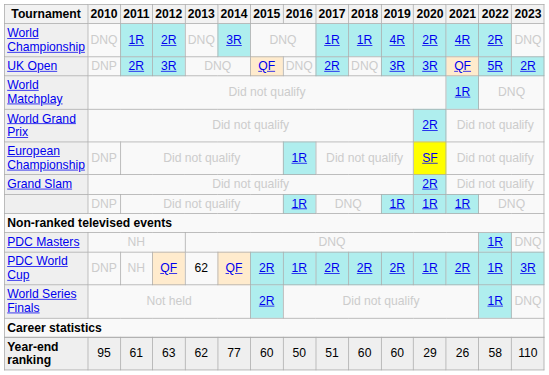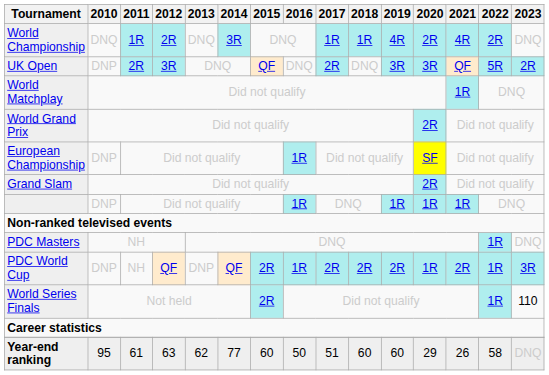 <table class="wikitable" style="width:50%; margin:0">
 <tr>
 <th>Tournament</th>
 <th>2010</th>
 <th>2011</th>
 <th>2012</th>
 <th>2013</th>
 <th>2014</th>
 <th>2015</th>
 <th>2016</th>
 <th>2017</th>
 <th>2018</th>
 <th>2019</th>
 <th>2020</th>
 <th>2021</th>
 <th>2022</th>
 <th>2023</th>
 </tr>
 <tr>
 <td style="background:#efefef;"><a href='#'>World Championship</a></td>
 <td style="text-align:center; color:#ccc;">DNQ</td>
 <td style="text-align:center; background:#afeeee;"><a href='#'>1R</a></td>
 <td style="text-align:center; background:#afeeee;"><a href='#'>2R</a></td>
 <td style="text-align:center; color:#ccc;">DNQ</td>
 <td style="text-align:center; background:#afeeee;"><a href='#'>3R</a></td>
 <td colspan="2" style="text-align:center; color:#ccc;">DNQ</td>
 <td style="text-align:center; background:#afeeee;"><a href='#'>1R</a></td>
 <td style="text-align:center; background:#afeeee;"><a href='#'>1R</a></td>
 <td style="text-align:center; background:#afeeee;"><a href='#'>4R</a></td>
 <td style="text-align:center; background:#afeeee;"><a href='#'>2R</a></td>
 <td style="text-align:center; background:#afeeee;"><a href='#'>4R</a></td>
 <td style="text-align:center; background:#afeeee;"><a href='#'>2R</a></td>
 <td style="text-align:center; color:#ccc;">DNQ</td>
 </tr>
 <tr>
 <td style="background:#efefef;"><a href='#'>UK Open</a></td>
 <td style="text-align:center; color:#ccc;">DNP</td>
 <td style="text-align:center; background:#afeeee;"><a href='#'>2R</a></td>
 <td style="text-align:center; background:#afeeee;"><a href='#'>3R</a></td>
 <td colspan="2" style="text-align:center; color:#ccc;">DNQ</td>
 <td style="text-align:center; background:#ffebcd;"><a href='#'>QF</a></td>
 <td style="text-align:center; color:#ccc;">DNQ</td>
 <td style="text-align:center; background:#afeeee;"><a href='#'>2R</a></td>
 <td style ="text-align:center; color:#ccc;">DNQ</td>
 <td style="text-align:center; background:#afeeee;"><a href='#'>3R</a></td>
 <td style="text-align:center; background:#afeeee;"><a href='#'>3R</a></td>
 <td style="text-align:center; background:#ffebcd;"><a href='#'>QF</a></td>
 <td style="text-align:center; background:#afeeee;"><a href='#'>5R</a></td>
 <td style="text-align:center; background:#afeeee;"><a href='#'>2R</a></td>
 </tr>
 <tr>
 <td style="background:#efefef;"><a href='#'>World Matchplay</a></td>
 <td colspan="11" style="text-align:center; color:#ccc;">Did not qualify</td>
 <td style="text-align:center; background:#afeeee;"><a href='#'>1R</a></td>
 <td colspan="2" style="text-align:center; color:#ccc;">DNQ</td>
 </tr>
 <tr>
 <td style="background:#efefef;"><a href='#'>World Grand Prix</a></td>
 <td colspan="10" style="text-align:center; color:#ccc;">Did not qualify</td>
 <td style="text-align:center; background:#afeeee;"><a href='#'>2R</a></td>
 <td colspan="3" style="text-align:center; color:#ccc;">Did not qualify</td>
 </tr>
 <tr>
 <td style="background:#efefef;"><a href='#'>European Championship</a></td>
 <td style="text-align:center; color:#ccc;">DNP</td>
 <td colspan="5" style="text-align:center; color:#ccc;">Did not qualify</td>
 <td style="text-align:center; background:#afeeee;"><a href='#'>1R</a></td>
 <td colspan="3" style="text-align:center; color:#ccc;">Did not qualify</td>
 <td style="text-align:center; background:yellow;"><a href='#'>SF</a></td>
 <td colspan="3" style="text-align:center; color:#ccc;">Did not qualify</td>
 </tr>
 <tr>
 <td style="background:#efefef;"><a href='#'>Grand Slam</a></td>
 <td colspan="10" style="text-align:center; color:#ccc;">Did not qualify</td>
 <td style="text-align:center; background:#afeeee;"><a href='#'>2R</a></td>
 <td colspan="3" style="text-align:center; color:#ccc;">Did not qualify</td>
 </tr>
 <tr>
 <td style="background:#efefef;"></td>
 <td style="text-align:center; color:#ccc;">DNP</td>
 <td colspan="5" style="text-align:center; color:#ccc;">Did not qualify</td>
 <td style="text-align:center; background:#afeeee;"><a href='#'>1R</a></td>
 <td colspan="2" style="text-align:center; color:#ccc;">DNQ</td>
 <td style="text-align:center; background:#afeeee;"><a href='#'>1R</a></td>
 <td style="text-align:center; background:#afeeee;"><a href='#'>1R</a></td>
 <td style="text-align:center; background:#afeeee;"><a href='#'>1R</a></td>
 <td colspan="2" style="text-align:center; color:#ccc;">DNQ</td>
 </tr>
 <tr>
 <td colspan="21" align="left"><strong>Non-ranked televised events</strong></td>
 </tr>
 <tr>
 <td style="background:#efefef;"><a href='#'>PDC Masters</a></td>
 <td colspan="3" style="text-align:center; color:#ccc;">NH</td>
 <td colspan="9" style="text-align:center; color:#ccc;">DNQ</td>
 <td style="text-align:center; background:#afeeee;"><a href='#'>1R</a></td>
 <td style="text-align:center; color:#ccc;">DNQ</td>
 </tr>
 <tr>
 <td style="background:#efefef;"><a href='#'>PDC World Cup</a></td>
 <td style="text-align:center; color:#ccc;">DNP</td>
 <td style="text-align:center; color:#ccc;">NH</td>
 <td style="text-align:center; background:#ffebcd;"><a href='#'>QF</a></td>
-<td style="text-align:center;">62</td>
+<td style="text-align:center; color:#ccc;">DNP</td>
 <td style="text-align:center; background:#ffebcd;"><a href='#'>QF</a></td>
 <td style="text-align:center; background:#afeeee;"><a href='#'>2R</a></td>
 <td style="text-align:center; background:#afeeee;"><a href='#'>1R</a></td>
 <td style="text-align:center; background:#afeeee;"><a href='#'>2R</a></td>
 <td style="text-align:center; background:#afeeee;"><a href='#'>2R</a></td>
 <td style="text-align:center; background:#afeeee;"><a href='#'>2R</a></td>
 <td style="text-align:center; background:#afeeee;"><a href='#'>1R</a></td>
 <td style="text-align:center; background:#afeeee;"><a href='#'>2R</a></td>
 <td style="text-align:center; background:#afeeee;"><a href='#'>1R</a></td>
 <td style="text-align:center; background:#afeeee;"><a href='#'>3R</a></td>
 </tr>
 <tr>
 <td style="background:#efefef;"><a href='#'>World Series Finals</a></td>
 <td colspan="5" style="text-align:center; color:#ccc;">Not held</td>
 <td style="text-align:center; background:#afeeee;"><a href='#'>2R</a></td>
 <td colspan="6" style="text-align:center; color:#ccc;">Did not qualify</td>
 <td style="text-align:center; background:#afeeee;"><a href='#'>1R</a></td>
-<td style="text-align:center; color:#ccc;">DNQ</td>
+<td style="text-align:center;">110</td>
 </tr>
 <tr>
 <td colspan="20" align="left"><strong>Career statistics</strong></td>
 </tr>
 <tr>
 </tr>
 <tr bgcolor="efefef">
 <td align="left"><strong>Year-end ranking</strong></td>
 <td style="text-align:center;">95</td>
 <td style="text-align:center;">61</td>
 <td style="text-align:center;">63</td>
 <td style="text-align:center;">62</td>
 <td style="text-align:center;">77</td>
 <td style="text-align:center;">60</td>
 <td style="text-align:center;">50</td>
 <td style="text-align:center;">51</td>
 <td style="text-align:center;">60</td>
 <td style="text-align:center;">60</td>
 <td style="text-align:center;">29</td>
 <td style="text-align:center;">26</td>
 <td style="text-align:center;">58</td>
-<td style="text-align:center;">110</td>
+<td style="text-align:center; color:#ccc;">DNQ</td>
 </tr>
 </table>
